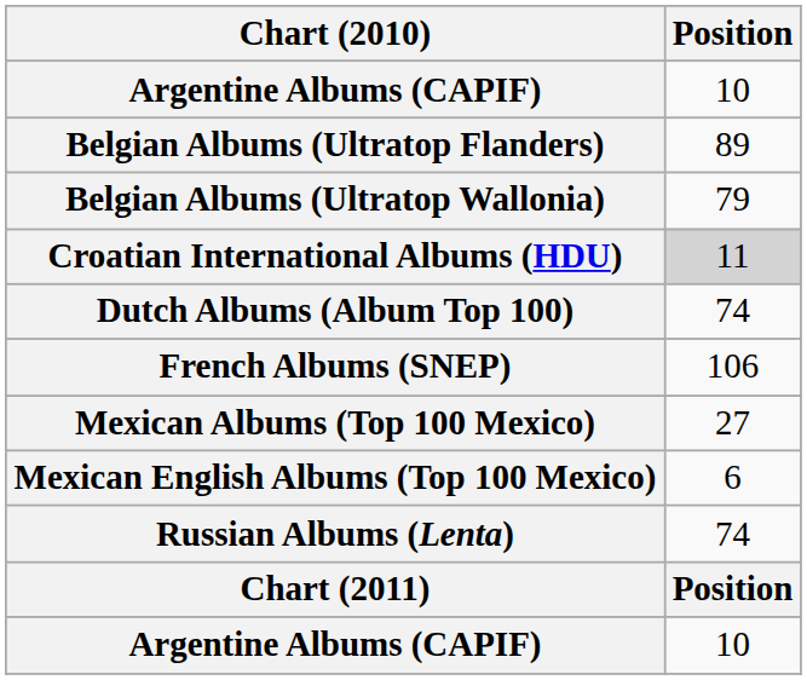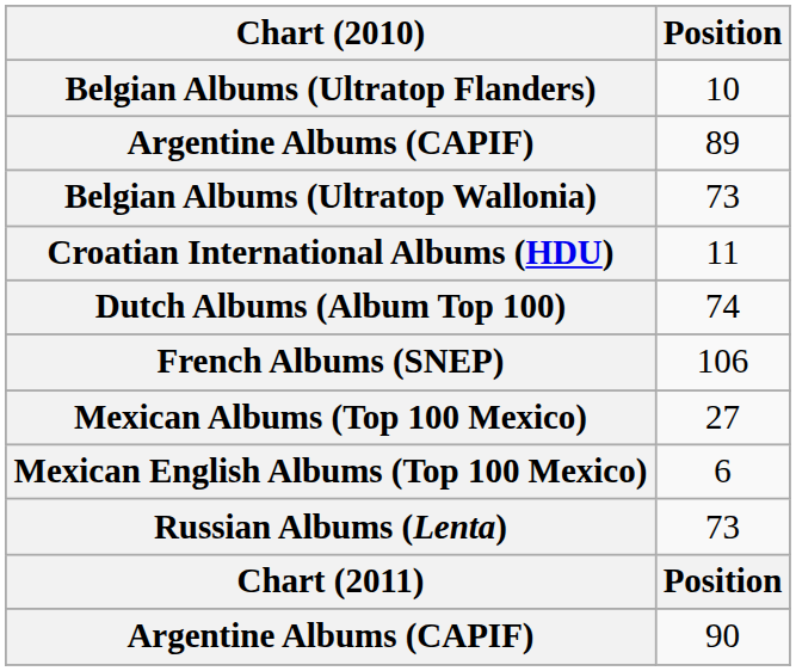 <table class="wikitable sortable plainrowheaders">
 <tr>
 <th>Chart (2010)</th>
 <th>Position</th>
 </tr>
 <tr>
-<th scope="row">Argentine Albums (CAPIF)</th>
+<th scope="row">Belgian Albums (Ultratop Flanders)</th>
 <td align="center">10</td>
 </tr>
 <tr>
-<th scope="row">Belgian Albums (Ultratop Flanders)</th>
+<th scope="row">Argentine Albums (CAPIF)</th>
 <td align=center>89</td>
 </tr>
 <tr>
 <th scope="row">Belgian Albums (Ultratop Wallonia)</th>
-<td align=center>79</td>
+<td align=center>73</td>
 </tr>
 <tr>
 <th scope="row">Croatian International Albums (<a href='#'>HDU</a>)</th>
-<td style="background: lightgrey; text-align:center;">11</td>
+<td style="text-align:center;">11</td>
 </tr>
 <tr>
 <th scope="row">Dutch Albums (Album Top 100)</th>
 <td style="text-align:center;">74</td>
 </tr>
 <tr>
 <th scope="row">French Albums (SNEP)</th>
 <td style="text-align:center;">106</td>
 </tr>
 <tr>
 <th scope="row">Mexican Albums (Top 100 Mexico)</th>
 <td style="text-align:center;">27</td>
 </tr>
 <tr>
 <th scope="row">Mexican English Albums (Top 100 Mexico)</th>
 <td style="text-align:center;">6</td>
 </tr>
 <tr>
 <th scope="row">Russian Albums (<em>Lenta</em>)</th>
-<td style="text-align:center;">74</td>
+<td style="text-align:center;">73</td>
 </tr>
 <tr>
 <th>Chart (2011)</th>
 <th>Position</th>
 </tr>
 <tr>
 <th scope="row">Argentine Albums (CAPIF)</th>
-<td align="center">10</td>
+<td align="center">90</td>
 </tr>
 </table>
